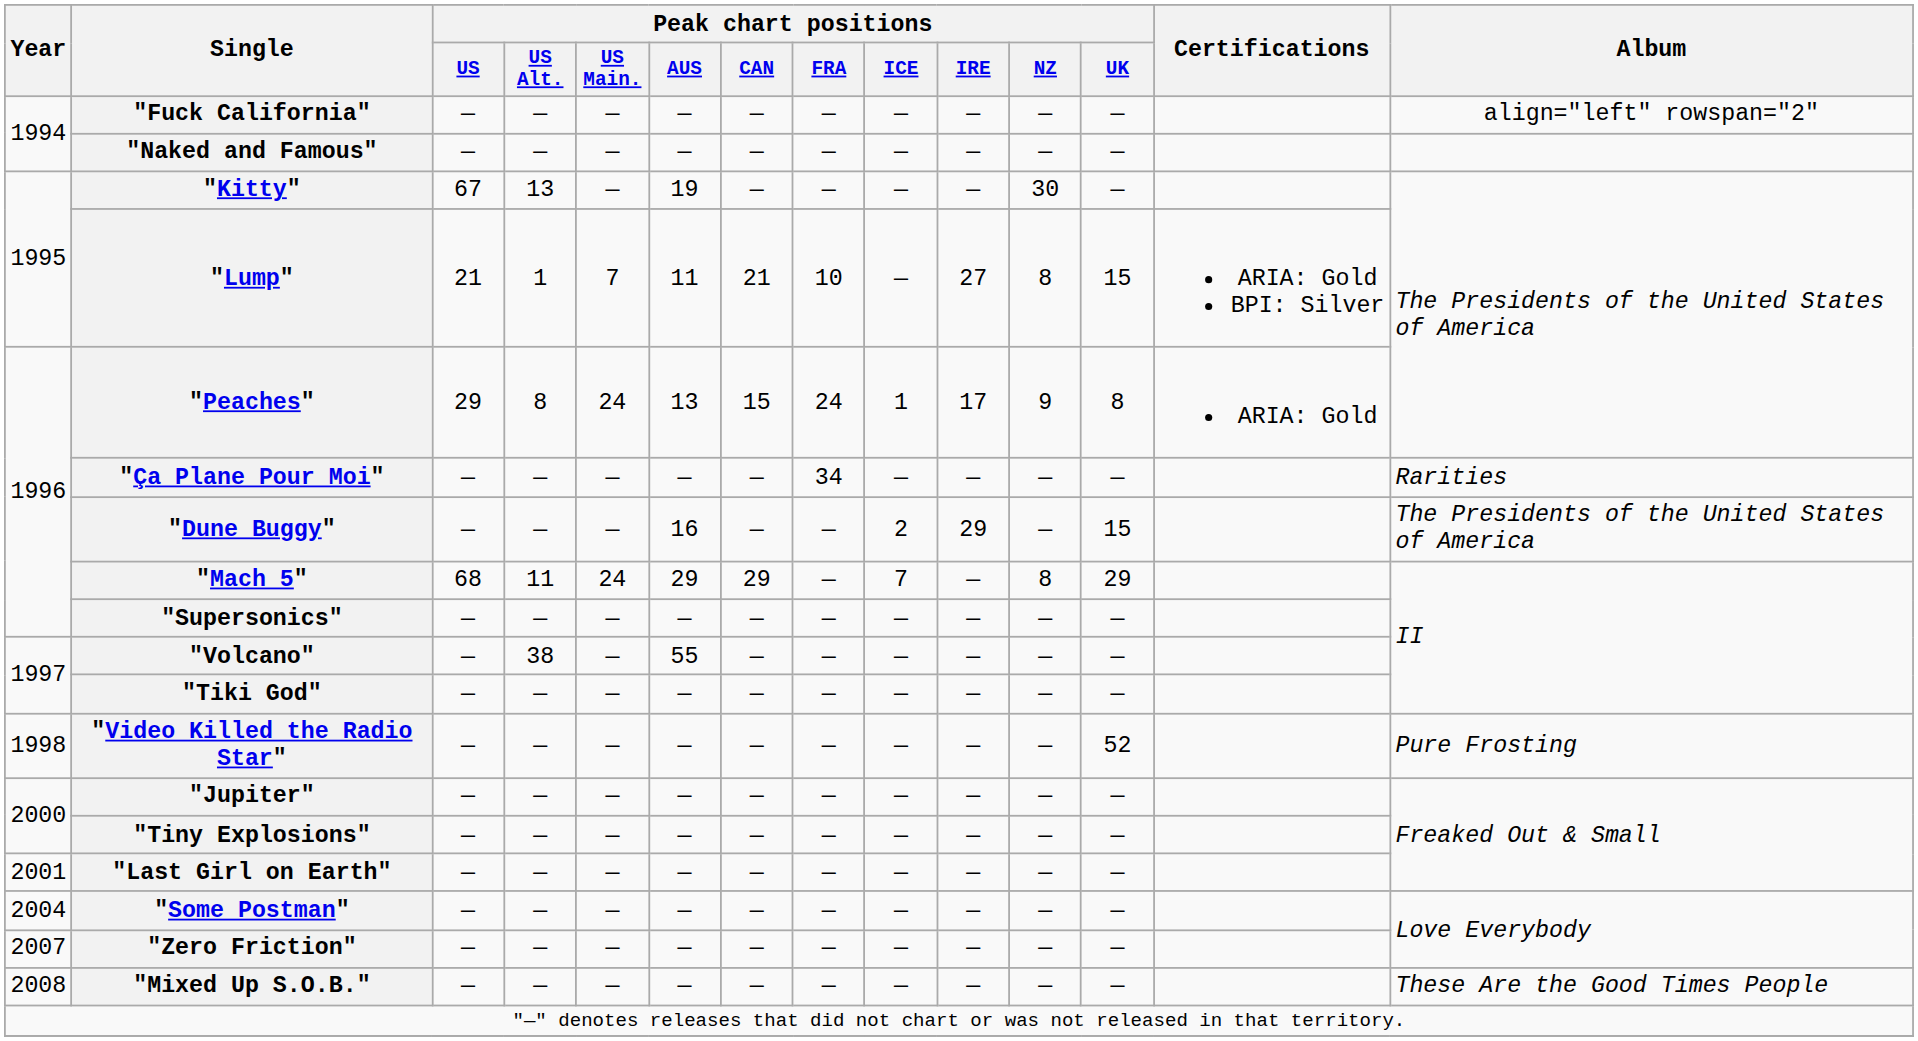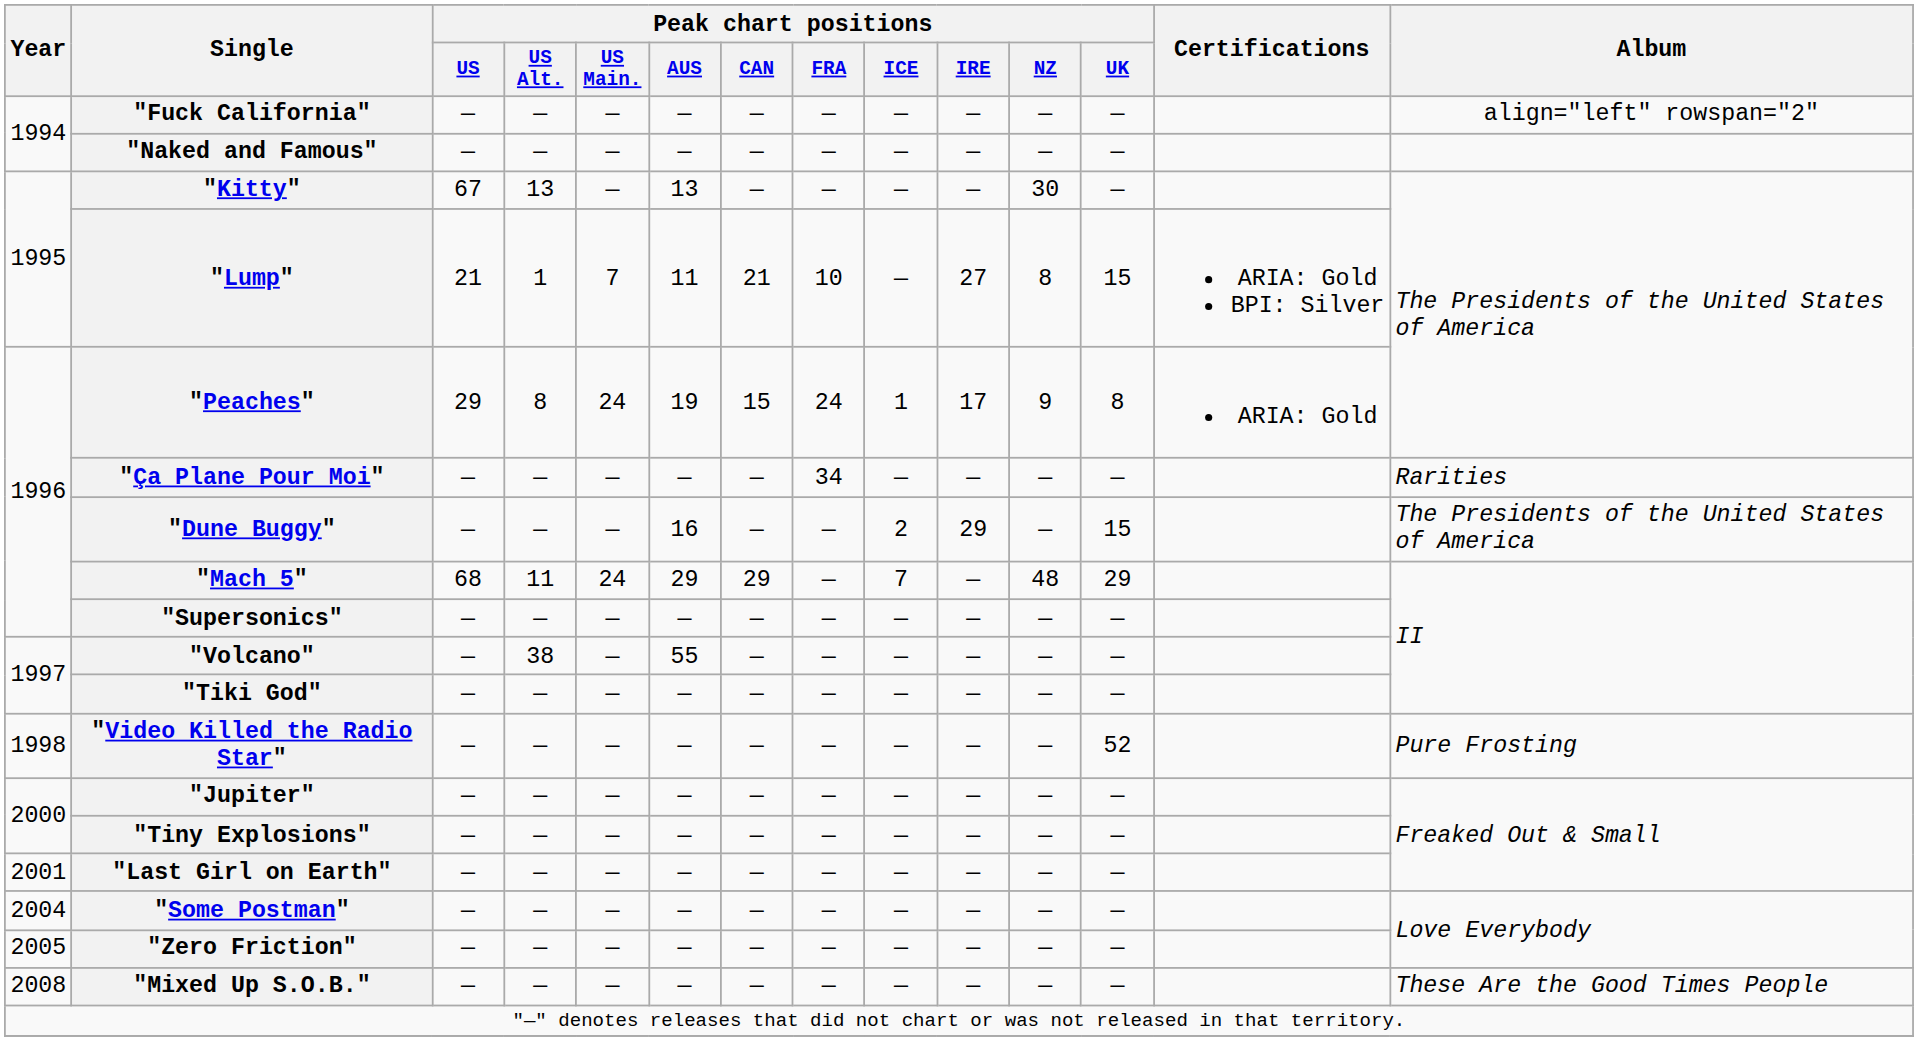 <table class="wikitable plainrowheaders" style="text-align:center;">
 <tr>
 <th rowspan="2">Year</th>
 <th rowspan="2" style="width:15em;">Single</th>
 <th colspan="10">Peak chart positions</th>
 <th rowspan="2">Certifications</th>
 <th rowspan="2" style="width:22em;">Album</th>
 </tr>
 <tr style="font-size:smaller;">
 <th width="35"><a href='#'>US</a><br></th>
 <th width="35"><a href='#'>US<br>Alt.</a><br></th>
 <th width="35"><a href='#'>US<br>Main.</a><br></th>
 <th width="35"><a href='#'>AUS</a><br></th>
 <th width="35"><a href='#'>CAN</a><br></th>
 <th width="35"><a href='#'>FRA</a><br></th>
 <th width="35"><a href='#'>ICE</a><br></th>
 <th width="35"><a href='#'>IRE</a><br></th>
 <th width="35"><a href='#'>NZ</a><br></th>
 <th width="35"><a href='#'>UK</a><br></th>
 </tr>
 <tr>
 <td rowspan="2">1994</td>
 <th scope="row">"Fuck California"</th>
 <td>—</td>
 <td>—</td>
 <td>—</td>
 <td>—</td>
 <td>—</td>
 <td>—</td>
 <td>—</td>
 <td>—</td>
 <td>—</td>
 <td>—</td>
 <td></td>
 <td>align="left" rowspan="2" </td>
 </tr>
 <tr>
 <th scope="row">"Naked and Famous"</th>
 <td>—</td>
 <td>—</td>
 <td>—</td>
 <td>—</td>
 <td>—</td>
 <td>—</td>
 <td>—</td>
 <td>—</td>
 <td>—</td>
 <td>—</td>
 <td></td>
 </tr>
 <tr>
 <td rowspan="2">1995</td>
 <th scope="row">"<a href='#'>Kitty</a>"</th>
 <td>67</td>
 <td>13</td>
 <td>—</td>
-<td>19</td>
+<td>13</td>
 <td>—</td>
 <td>—</td>
 <td>—</td>
 <td>—</td>
 <td>30</td>
 <td>—</td>
 <td></td>
 <td align="left" rowspan="3"><em>The Presidents of the United States of America</em></td>
 </tr>
 <tr>
 <th scope="row">"<a href='#'>Lump</a>"</th>
 <td>21</td>
 <td>1</td>
 <td>7</td>
 <td>11</td>
 <td>21</td>
 <td>10</td>
 <td>—</td>
 <td>27</td>
 <td>8</td>
 <td>15</td>
 <td><br><ul><li>ARIA: Gold</li><li>BPI: Silver</li></ul></td>
 </tr>
 <tr>
 <td rowspan="5">1996</td>
 <th scope="row">"<a href='#'>Peaches</a>"</th>
 <td>29</td>
 <td>8</td>
 <td>24</td>
-<td>13</td>
+<td>19</td>
 <td>15</td>
 <td>24</td>
 <td>1</td>
 <td>17</td>
 <td>9</td>
 <td>8</td>
 <td><br><ul><li>ARIA: Gold</li></ul></td>
 </tr>
 <tr>
 <th scope="row">"<a href='#'>Ça Plane Pour Moi</a>"</th>
 <td>—</td>
 <td>—</td>
 <td>—</td>
 <td>—</td>
 <td>—</td>
 <td>34</td>
 <td>—</td>
 <td>—</td>
 <td>—</td>
 <td>—</td>
 <td></td>
 <td align="left"><em>Rarities</em></td>
 </tr>
 <tr>
 <th scope="row">"<a href='#'>Dune Buggy</a>"</th>
 <td>—</td>
 <td>—</td>
 <td>—</td>
 <td>16</td>
 <td>—</td>
 <td>—</td>
 <td>2</td>
 <td>29</td>
 <td>—</td>
 <td>15</td>
 <td></td>
 <td align="left"><em>The Presidents of the United States of America</em></td>
 </tr>
 <tr>
 <th scope="row">"<a href='#'>Mach 5</a>"</th>
 <td>68</td>
 <td>11</td>
 <td>24</td>
 <td>29</td>
 <td>29</td>
 <td>—</td>
 <td>7</td>
 <td>—</td>
-<td>8</td>
+<td>48</td>
 <td>29</td>
 <td></td>
 <td align="left" rowspan="4"><em>II</em></td>
 </tr>
 <tr>
 <th scope="row">"Supersonics"</th>
 <td>—</td>
 <td>—</td>
 <td>—</td>
 <td>—</td>
 <td>—</td>
 <td>—</td>
 <td>—</td>
 <td>—</td>
 <td>—</td>
 <td>—</td>
 <td></td>
 </tr>
 <tr>
 <td rowspan="2">1997</td>
 <th scope="row">"Volcano"</th>
 <td>—</td>
 <td>38</td>
 <td>—</td>
 <td>55</td>
 <td>—</td>
 <td>—</td>
 <td>—</td>
 <td>—</td>
 <td>—</td>
 <td>—</td>
 <td></td>
 </tr>
 <tr>
 <th scope="row">"Tiki God"</th>
 <td>—</td>
 <td>—</td>
 <td>—</td>
 <td>—</td>
 <td>—</td>
 <td>—</td>
 <td>—</td>
 <td>—</td>
 <td>—</td>
 <td>—</td>
 <td></td>
 </tr>
 <tr>
 <td>1998</td>
 <th scope="row">"<a href='#'>Video Killed the Radio Star</a>"</th>
 <td>—</td>
 <td>—</td>
 <td>—</td>
 <td>—</td>
 <td>—</td>
 <td>—</td>
 <td>—</td>
 <td>—</td>
 <td>—</td>
 <td>52</td>
 <td></td>
 <td align="left"><em>Pure Frosting</em></td>
 </tr>
 <tr>
 <td rowspan="2">2000</td>
 <th scope="row">"Jupiter"</th>
 <td>—</td>
 <td>—</td>
 <td>—</td>
 <td>—</td>
 <td>—</td>
 <td>—</td>
 <td>—</td>
 <td>—</td>
 <td>—</td>
 <td>—</td>
 <td></td>
 <td align="left" rowspan="3"><em>Freaked Out & Small</em></td>
 </tr>
 <tr>
 <th scope="row">"Tiny Explosions"</th>
 <td>—</td>
 <td>—</td>
 <td>—</td>
 <td>—</td>
 <td>—</td>
 <td>—</td>
 <td>—</td>
 <td>—</td>
 <td>—</td>
 <td>—</td>
 <td></td>
 </tr>
 <tr>
 <td>2001</td>
 <th scope="row">"Last Girl on Earth"</th>
 <td>—</td>
 <td>—</td>
 <td>—</td>
 <td>—</td>
 <td>—</td>
 <td>—</td>
 <td>—</td>
 <td>—</td>
 <td>—</td>
 <td>—</td>
 <td></td>
 </tr>
 <tr>
 <td>2004</td>
 <th scope="row">"<a href='#'>Some Postman</a>"</th>
 <td>—</td>
 <td>—</td>
 <td>—</td>
 <td>—</td>
 <td>—</td>
 <td>—</td>
 <td>—</td>
 <td>—</td>
 <td>—</td>
 <td>—</td>
 <td></td>
 <td align="left" rowspan="2"><em>Love Everybody</em></td>
 </tr>
 <tr>
-<td>2007</td>
+<td>2005</td>
 <th scope="row">"Zero Friction"</th>
 <td>—</td>
 <td>—</td>
 <td>—</td>
 <td>—</td>
 <td>—</td>
 <td>—</td>
 <td>—</td>
 <td>—</td>
 <td>—</td>
 <td>—</td>
 <td></td>
 </tr>
 <tr>
 <td>2008</td>
 <th scope="row">"Mixed Up S.O.B."</th>
 <td>—</td>
 <td>—</td>
 <td>—</td>
 <td>—</td>
 <td>—</td>
 <td>—</td>
 <td>—</td>
 <td>—</td>
 <td>—</td>
 <td>—</td>
 <td></td>
 <td align="left"><em>These Are the Good Times People</em></td>
 </tr>
 <tr>
 <td colspan="16" style="font-size:8pt">"—" denotes releases that did not chart or was not released in that territory.</td>
 </tr>
 <tr>
 </tr>
 </table>
